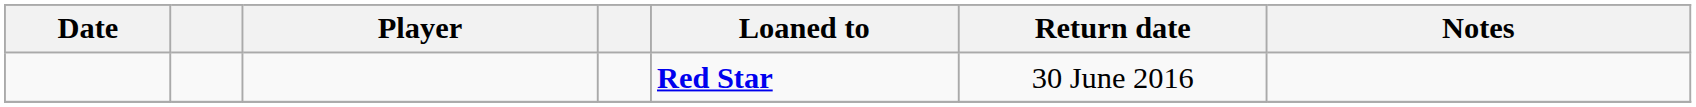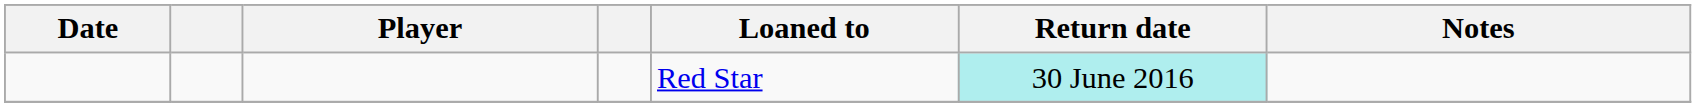 <table class="wikitable sortable">
 <tr>
 <th style="width:80px;">Date</th>
 <th style="width:30px;"></th>
 <th style="width:180px;">Player</th>
 <th style="width:20px;"></th>
 <th style="width:155px;">Loaned to</th>
 <th style="width:155px;" class="unsortable">Return date</th>
 <th style="width:215px;" class="unsortable">Notes</th>
 </tr>
 <tr>
 <td></td>
 <td align=center></td>
 <td> </td>
 <td></td>
-<td><strong> <a href='#'>Red Star</a></strong></td>
-<td align=center>30 June 2016</td>
+<td> <a href='#'>Red Star</a></td>
+<td align=center style="background: paleturquoise;">30 June 2016</td>
 <td align=center></td>
 </tr>
 <tr>
 </tr>
 </table>
